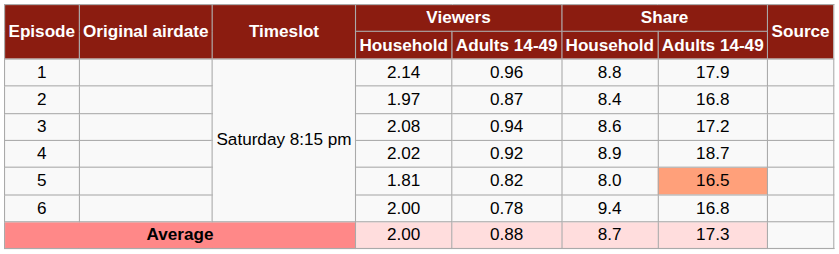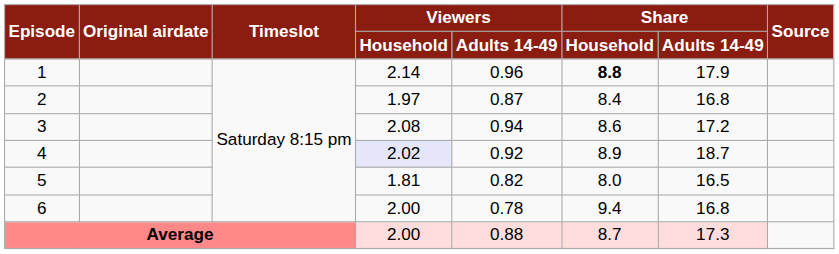 <table class="wikitable" style="text-align:center;">
 <tr>
 <th style="background:#8b1c10; color:#fff;" rowspan="2">Episode</th>
 <th style="background:#8b1c10; color:#fff;" rowspan="2">Original airdate</th>
 <th style="background:#8b1c10; color:#fff;" rowspan="2">Timeslot</th>
 <th style="background:#8b1c10; color:#fff;" colspan="2">Viewers<br><small></small></th>
 <th style="background:#8b1c10; color:#fff;" colspan="2">Share<br><small></small></th>
 <th style="background:#8b1c10; color:#fff;" rowspan="2">Source</th>
 </tr>
 <tr>
 <th style="background:#8b1c10; color:#fff;">Household</th>
 <th style="background:#8b1c10; color:#fff;">Adults 14-49</th>
 <th style="background:#8b1c10; color:#fff;">Household</th>
 <th style="background:#8b1c10; color:#fff;">Adults 14-49</th>
 </tr>
 <tr>
 <td>1</td>
 <td></td>
 <td rowspan="6">Saturday 8:15 pm</td>
 <td>2.14</td>
 <td>0.96</td>
-<td>8.8</td>
+<td><strong>8.8</strong></td>
 <td>17.9</td>
 <td></td>
 </tr>
 <tr>
 <td>2</td>
 <td></td>
 <td>1.97</td>
 <td>0.87</td>
 <td>8.4</td>
 <td>16.8</td>
 <td></td>
 </tr>
 <tr>
 <td>3</td>
 <td></td>
 <td>2.08</td>
 <td>0.94</td>
 <td>8.6</td>
 <td>17.2</td>
 <td></td>
 </tr>
 <tr>
 <td>4</td>
 <td></td>
-<td>2.02</td>
+<td style="background: lavender;">2.02</td>
 <td>0.92</td>
 <td>8.9</td>
 <td>18.7</td>
 <td></td>
 </tr>
 <tr>
 <td>5</td>
 <td></td>
 <td>1.81</td>
 <td>0.82</td>
 <td>8.0</td>
-<td style="background: lightsalmon;">16.5</td>
+<td>16.5</td>
 <td></td>
 </tr>
 <tr>
 <td>6</td>
 <td></td>
 <td>2.00</td>
 <td>0.78</td>
 <td>9.4</td>
 <td>16.8</td>
 <td></td>
 </tr>
 <tr>
 <th style="background:#ff8888;" colspan="3">Average</th>
 <td style="background:#ffdddd;">2.00</td>
 <td style="background:#ffdddd;">0.88</td>
 <td style="background:#ffdddd;">8.7</td>
 <td style="background:#ffdddd;">17.3</td>
 <td></td>
 </tr>
 <tr>
 </tr>
 </table>
